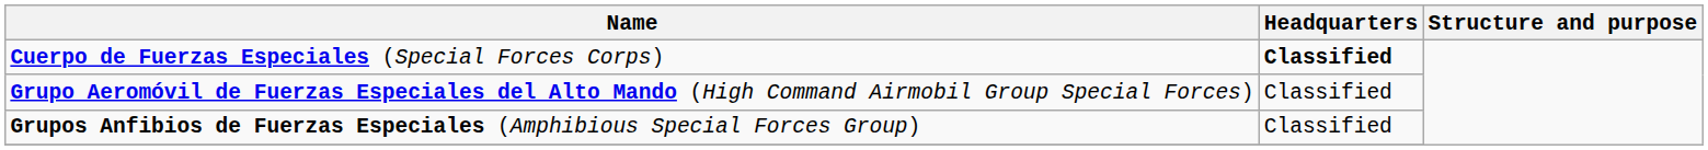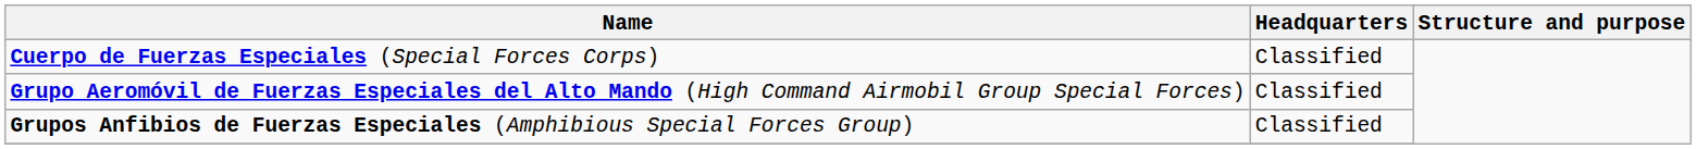 <table class="wikitable">
 <tr>
 <th>Name</th>
 <th>Headquarters</th>
 <th>Structure and purpose</th>
 </tr>
 <tr>
 <td><strong><a href='#'>Cuerpo de Fuerzas Especiales</a></strong> (<em>Special Forces Corps</em>)</td>
-<td><strong>Classified</strong></td>
+<td>Classified</td>
 </tr>
 <tr>
 <td><strong><a href='#'>Grupo Aeromóvil de Fuerzas Especiales del Alto Mando</a></strong> (<em>High Command Airmobil Group Special Forces</em>)</td>
 <td>Classified</td>
 </tr>
 <tr>
 <td><strong>Grupos Anfibios de Fuerzas Especiales</strong> (<em>Amphibious Special Forces Group</em>)</td>
 <td>Classified</td>
 </tr>
 <tr>
 </tr>
 </table>
